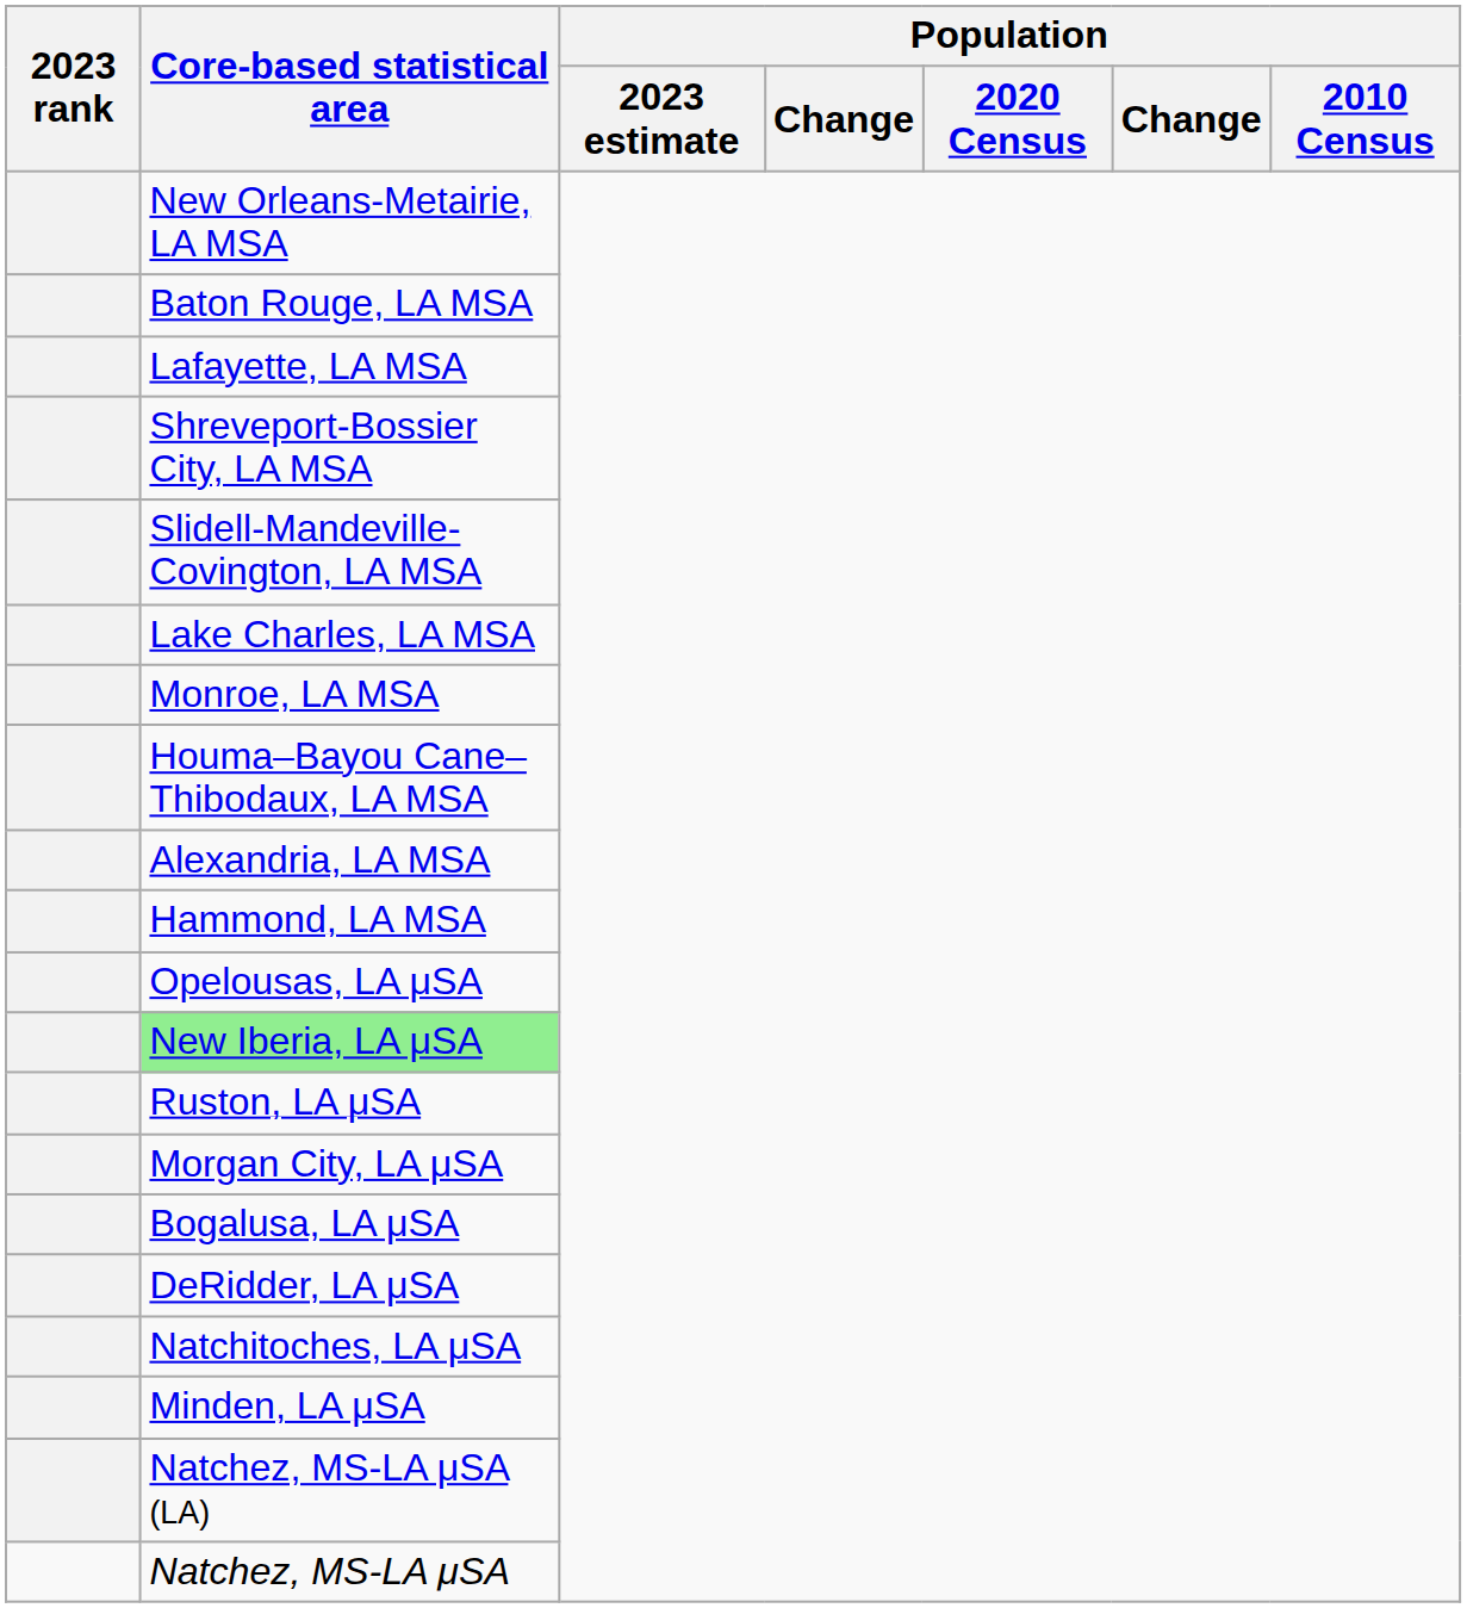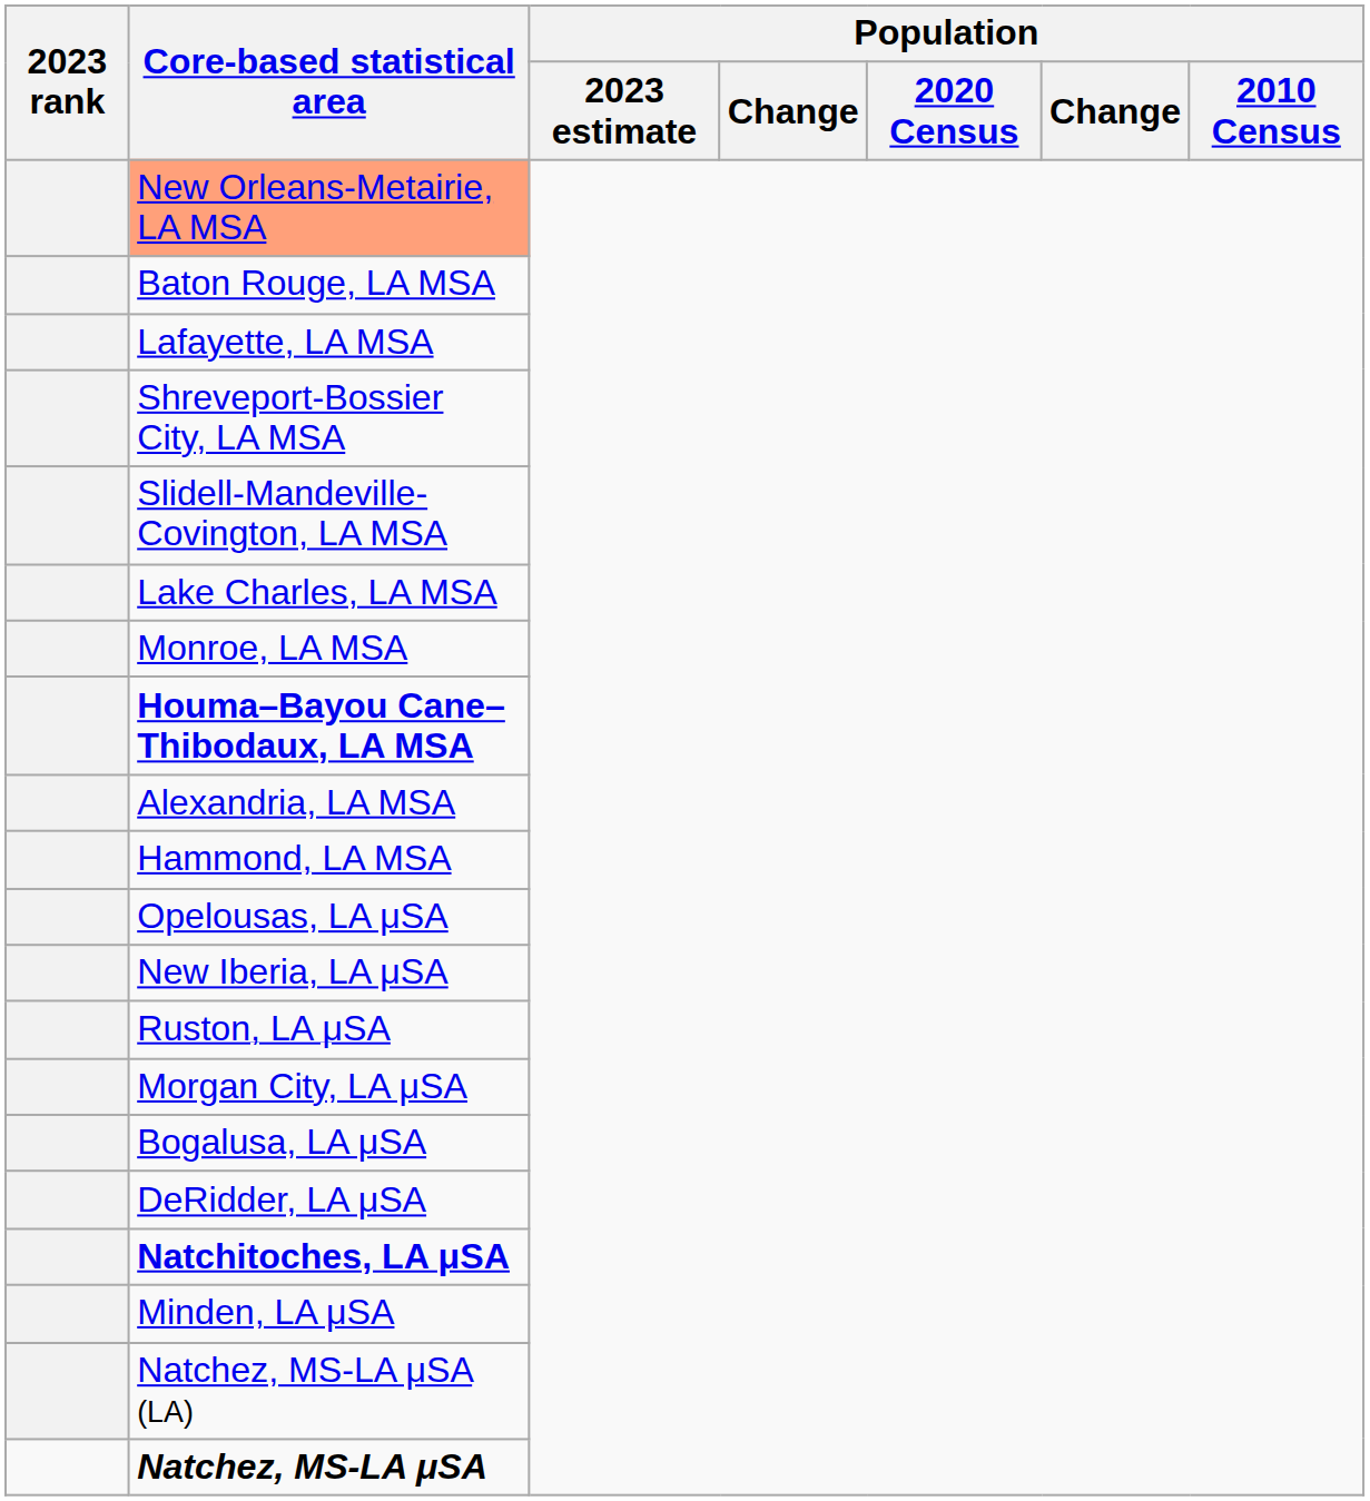 <table class="wikitable sortable">
 <tr>
 <th scope=col rowspan=2>2023 rank</th>
 <th scope=col rowspan=2><a href='#'>Core-based statistical area</a></th>
 <th colspan=5>Population</th>
 </tr>
 <tr>
 <th scope=col>2023 estimate</th>
 <th scope=col>Change</th>
 <th scope=col><a href='#'>2020 Census</a></th>
 <th scope=col>Change</th>
 <th scope=col><a href='#'>2010 Census</a></th>
 </tr>
 <tr>
 <th scope=row></th>
-<td><a href='#'>New Orleans-Metairie, LA MSA</a><br></td>
+<td style="background: lightsalmon;"><a href='#'>New Orleans-Metairie, LA MSA</a><br></td>
 </tr>
 <tr>
 <th scope=row></th>
 <td><a href='#'>Baton Rouge, LA MSA</a><br></td>
 </tr>
 <tr>
 <th scope=row></th>
 <td><a href='#'>Lafayette, LA MSA</a><br></td>
 </tr>
 <tr>
 <th scope=row></th>
 <td><a href='#'>Shreveport-Bossier City, LA MSA</a><br></td>
 </tr>
 <tr>
 <th scope=row></th>
 <td><a href='#'>Slidell-Mandeville-Covington, LA MSA</a><br></td>
 </tr>
 <tr>
 <th scope=row></th>
 <td><a href='#'>Lake Charles, LA MSA</a><br></td>
 </tr>
 <tr>
 <th scope=row></th>
 <td><a href='#'>Monroe, LA MSA</a><br></td>
 </tr>
 <tr>
 <th scope=row></th>
-<td><a href='#'>Houma–Bayou Cane–Thibodaux, LA MSA</a><br></td>
+<td><strong><a href='#'>Houma–Bayou Cane–Thibodaux, LA MSA</a><br></strong></td>
 </tr>
 <tr>
 <th scope=row></th>
 <td><a href='#'>Alexandria, LA MSA</a><br></td>
 </tr>
 <tr>
 <th scope=row></th>
 <td><a href='#'>Hammond, LA MSA</a><br></td>
 </tr>
 <tr>
 <th scope=row></th>
 <td><a href='#'>Opelousas, LA μSA</a><br></td>
 </tr>
 <tr>
 <th scope=row></th>
-<td style="background: lightgreen;"><a href='#'>New Iberia, LA μSA</a><br></td>
+<td><a href='#'>New Iberia, LA μSA</a><br></td>
 </tr>
 <tr>
 <th scope=row></th>
 <td><a href='#'>Ruston, LA μSA</a><br></td>
 </tr>
 <tr>
 <th scope=row></th>
 <td><a href='#'>Morgan City, LA μSA</a><br></td>
 </tr>
 <tr>
 <th scope=row></th>
 <td><a href='#'>Bogalusa, LA μSA</a><br></td>
 </tr>
 <tr>
 <th scope=row></th>
 <td><a href='#'>DeRidder, LA μSA</a><br></td>
 </tr>
 <tr>
 <th scope=row></th>
-<td><a href='#'>Natchitoches, LA μSA</a><br></td>
+<td><strong><a href='#'>Natchitoches, LA μSA</a><br></strong></td>
 </tr>
 <tr>
 <th scope=row></th>
 <td><a href='#'>Minden, LA μSA</a><br></td>
 </tr>
 <tr>
 <th scope=row></th>
 <td><a href='#'>Natchez, MS-LA μSA</a> <small>(LA)</small><br></td>
 </tr>
 <tr>
 <td></td>
-<td><em><span>Natchez, MS-LA μSA</span></em><br></td>
+<td><strong><em><span>Natchez, MS-LA μSA</span></em><br></strong></td>
 </tr>
 </table>
